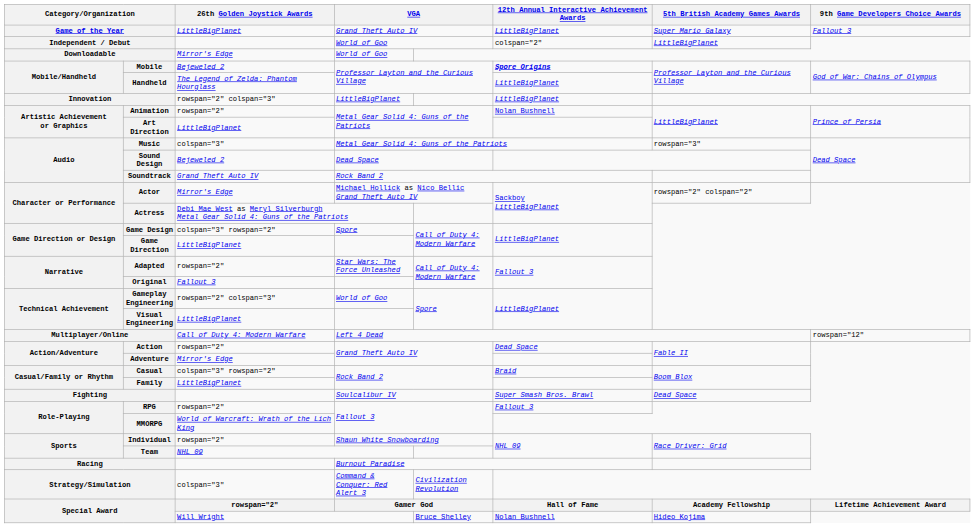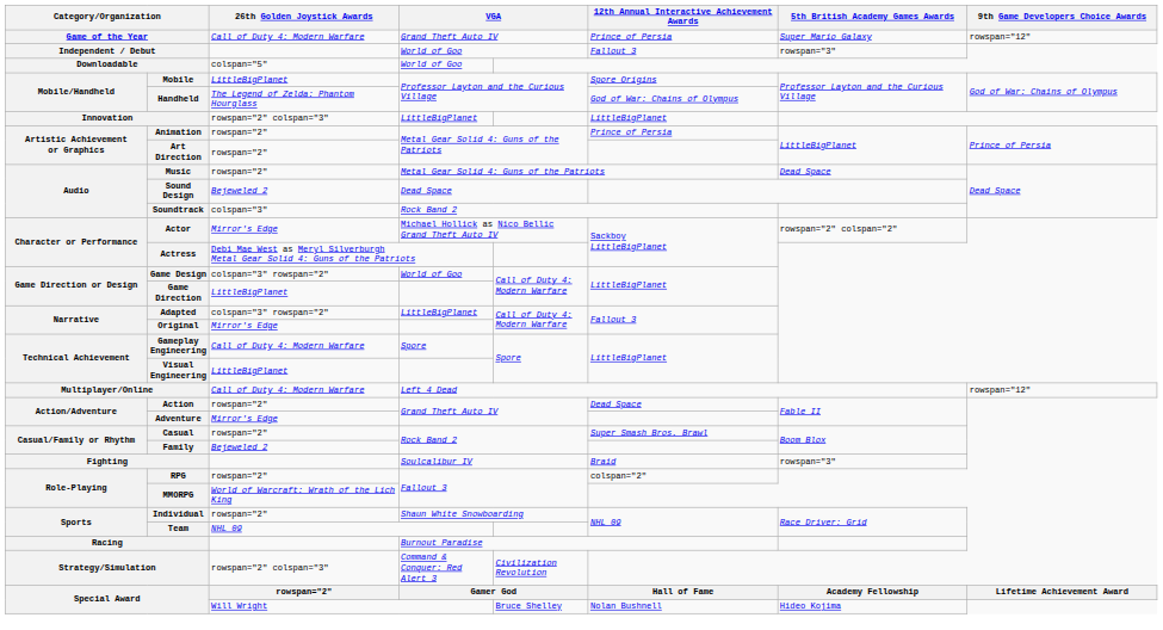 <table class="wikitable" style="border:none; margin:0; width:100%; font-size: 90%;">
 <tr>
 <th style="width:17%;" colspan="2">Category/Organization</th>
 <th style="width:16%;">26th <a href='#'>Golden Joystick Awards</a><br></th>
 <th style="width:16%;" colspan="2"><a href='#'>VGA</a><br></th>
 <th style="width:16%;"><a href='#'>12th Annual Interactive Achievement Awards</a><br></th>
 <th style="width:16%;"><a href='#'>5th British Academy Games Awards</a><br></th>
 <th style="width:16%;">9th <a href='#'>Game Developers Choice Awards</a><br></th>
 </tr>
 <tr>
 <th scope="row" colspan="2"><a href='#'>Game of the Year</a></th>
-<td><em><a href='#'>LittleBigPlanet</a></em></td>
+<td><em><a href='#'>Call of Duty 4: Modern Warfare</a></em></td>
 <td colspan="2"><em><a href='#'>Grand Theft Auto IV</a></em></td>
-<td><em><a href='#'>LittleBigPlanet</a></em></td>
+<td><em><a href='#'>Prince of Persia</a></em></td>
 <td><em><a href='#'>Super Mario Galaxy</a></em></td>
-<td><em><a href='#'>Fallout 3</a></em></td>
+<td>rowspan="12" </td>
 </tr>
 <tr>
 <th scope="row" colspan="2" style="width:9%;">Independent / Debut</th>
 <td></td>
 <td colspan="2"><em><a href='#'>World of Goo</a></em></td>
-<td>colspan="2" </td>
-<td><em><a href='#'>LittleBigPlanet</a></em></td>
+<td><em><a href='#'>Fallout 3</a></em></td>
+<td>rowspan="3" </td>
 </tr>
 <tr>
 <th scope="row" colspan="2" style="width:9%;">Downloadable</th>
-<td><em><a href='#'>Mirror's Edge</a></em></td>
+<td>colspan="5" </td>
 <td><em><a href='#'>World of Goo</a></em></td>
 </tr>
 <tr>
 <th scope="row" rowspan="2" style="width:12%;">Mobile/Handheld</th>
 <th>Mobile</th>
-<td><em><a href='#'>Bejeweled 2</a></em></td>
+<td><em><a href='#'>LittleBigPlanet</a></em></td>
 <td colspan="2" rowspan="2"><em><a href='#'>Professor Layton and the Curious Village</a></em></td>
-<td><strong><em><a href='#'>Spore Origins</a></em></strong></td>
+<td><em><a href='#'>Spore Origins</a></em></td>
 <td rowspan="2"><em><a href='#'>Professor Layton and the Curious Village</a></em></td>
 <td rowspan="2"><em><a href='#'>God of War: Chains of Olympus</a></em></td>
 </tr>
 <tr>
 <th scope="row">Handheld</th>
 <td><em><a href='#'>The Legend of Zelda: Phantom Hourglass</a></em></td>
-<td><em><a href='#'>LittleBigPlanet</a></em></td>
+<td><em><a href='#'>God of War: Chains of Olympus</a></em></td>
 </tr>
 <tr>
 <th scope="row" style="width:12%;" colspan="2">Innovation</th>
 <td>rowspan="2" colspan="3" </td>
 <td><em><a href='#'>LittleBigPlanet</a></em></td>
 <td></td>
 <td><em><a href='#'>LittleBigPlanet</a></em></td>
 </tr>
 <tr>
 <th scope="row" rowspan="2" style="width:9%;">Artistic Achievement<br>or Graphics</th>
 <th>Animation</th>
 <td>rowspan="2" </td>
 <td rowspan="2" colspan="2"><em><a href='#'>Metal Gear Solid 4: Guns of the Patriots</a></em></td>
-<td><a href='#'>Nolan Bushnell</a></td>
+<td><em><a href='#'>Prince of Persia</a></em></td>
 <td rowspan="2"><em><a href='#'>LittleBigPlanet</a></em></td>
 <td rowspan="2"><em><a href='#'>Prince of Persia</a></em></td>
 </tr>
 <tr>
 <th scope="row">Art Direction</th>
-<td><em><a href='#'>LittleBigPlanet</a></em></td>
+<td>rowspan="2" </td>
 </tr>
 <tr>
 <th scope="row" rowspan="3" style="width:12%;">Audio</th>
 <th>Music</th>
-<td>colspan="3" </td>
+<td>rowspan="2" </td>
 <td colspan="3"><em><a href='#'>Metal Gear Solid 4: Guns of the Patriots</a></em></td>
-<td>rowspan="3" </td>
+<td><em><a href='#'>Dead Space</a></em></td>
 <td rowspan="3"><em><a href='#'>Dead Space</a></em></td>
 </tr>
 <tr>
 <th scope="row">Sound Design</th>
 <td><em><a href='#'>Bejeweled 2</a></em></td>
 <td colspan="2"><em><a href='#'>Dead Space</a></em></td>
 </tr>
 <tr>
 <th scope="row">Soundtrack</th>
-<td><em><a href='#'>Grand Theft Auto IV</a></em></td>
+<td>colspan="3" </td>
 <td colspan="3"><em><a href='#'>Rock Band 2</a></em></td>
 <td></td>
 </tr>
 <tr>
 <th scope="row" rowspan="2">Character or Performance</th>
 <th>Actor</th>
 <td><em><a href='#'>Mirror's Edge</a></em></td>
 <td colspan="2"><a href='#'>Michael Hollick</a> as <a href='#'>Nico Bellic</a><br> <em><a href='#'>Grand Theft Auto IV</a></em></td>
 <td rowspan="2"><a href='#'>Sackboy</a><br><em><a href='#'>LittleBigPlanet</a></em></td>
 <td>rowspan="2" colspan="2" </td>
 </tr>
 <tr>
 <th>Actress</th>
 <td colspan="2"><a href='#'>Debi Mae West</a> as <a href='#'>Meryl Silverburgh</a><br><em><a href='#'>Metal Gear Solid 4: Guns of the Patriots</a></em></td>
 </tr>
 <tr>
 <th scope="row" rowspan="2">Game Direction or Design</th>
 <th>Game Design</th>
 <td>colspan="3" rowspan="2" </td>
-<td><em><a href='#'>Spore</a></em></td>
+<td><em><a href='#'>World of Goo</a></em></td>
 <td rowspan="2"><em><a href='#'>Call of Duty 4: Modern Warfare</a></em></td>
 <td rowspan="2"><em><a href='#'>LittleBigPlanet</a></em></td>
 </tr>
 <tr>
 <th scope="row">Game Direction</th>
 <td><em><a href='#'>LittleBigPlanet</a></em></td>
 </tr>
 <tr>
 <th scope="row" rowspan="2">Narrative</th>
 <th>Adapted</th>
-<td>rowspan="2" </td>
-<td><em><a href='#'>Star Wars: The Force Unleashed</a></em></td>
+<td>colspan="3" rowspan="2" </td>
+<td><em><a href='#'>LittleBigPlanet</a></em></td>
 <td rowspan="2"><em><a href='#'>Call of Duty 4: Modern Warfare</a></em></td>
 <td rowspan="2"><em><a href='#'>Fallout 3</a></em></td>
 </tr>
 <tr>
 <th scope="row">Original</th>
-<td><em><a href='#'>Fallout 3</a></em></td>
+<td><em><a href='#'>Mirror's Edge</a></em></td>
 </tr>
 <tr>
 <th scope="row" rowspan="2">Technical Achievement</th>
 <th>Gameplay Engineering</th>
-<td>rowspan="2" colspan="3" </td>
-<td><em><a href='#'>World of Goo</a></em></td>
+<td><em><a href='#'>Call of Duty 4: Modern Warfare</a></em></td>
+<td><em><a href='#'>Spore</a></em></td>
 <td rowspan="2"><em><a href='#'>Spore</a></em></td>
 <td rowspan="2"><em><a href='#'>LittleBigPlanet</a></em></td>
 </tr>
 <tr>
 <th scope="row">Visual Engineering</th>
 <td><em><a href='#'>LittleBigPlanet</a></em></td>
 </tr>
 <tr>
 <th scope="row" colspan="2">Multiplayer/Online</th>
 <td><em><a href='#'>Call of Duty 4: Modern Warfare</a></em></td>
 <td colspan="4"><em><a href='#'>Left 4 Dead</a></em></td>
 <td>rowspan="12" </td>
 </tr>
 <tr>
 <th scope="row" rowspan="2">Action/Adventure</th>
 <th>Action</th>
 <td>rowspan="2" </td>
 <td colspan="2" rowspan="2"><em><a href='#'>Grand Theft Auto IV</a></em></td>
 <td><em><a href='#'>Dead Space</a></em></td>
 <td rowspan="2"><em><a href='#'>Fable II</a></em></td>
 </tr>
 <tr>
 <th scope="row">Adventure</th>
 <td><em><a href='#'>Mirror's Edge</a></em></td>
 </tr>
 <tr>
 <th scope="row" rowspan="2">Casual/Family or Rhythm</th>
 <th>Casual</th>
-<td>colspan="3" rowspan="2" </td>
+<td>rowspan="2" </td>
 <td rowspan="2" colspan="2"><em><a href='#'>Rock Band 2</a></em></td>
-<td><em><a href='#'>Braid</a></em></td>
+<td><em><a href='#'>Super Smash Bros. Brawl</a></em></td>
 <td rowspan="2"><em><a href='#'>Boom Blox</a></em></td>
 </tr>
 <tr>
 <th>Family</th>
-<td><em><a href='#'>LittleBigPlanet</a></em></td>
+<td><em><a href='#'>Bejeweled 2</a></em></td>
 </tr>
 <tr>
 <th scope="row" colspan="2">Fighting</th>
 <td></td>
 <td colspan="2"><em><a href='#'>Soulcalibur IV</a></em></td>
-<td><em><a href='#'>Super Smash Bros. Brawl</a></em></td>
-<td><em><a href='#'>Dead Space</a></em></td>
+<td><em><a href='#'>Braid</a></em></td>
+<td>rowspan="3" </td>
 </tr>
 <tr>
 <th scope="row" rowspan="2">Role-Playing</th>
 <th>RPG</th>
 <td>rowspan="2" </td>
 <td rowspan="2" colspan="2"><em><a href='#'>Fallout 3</a></em></td>
-<td><em><a href='#'>Fallout 3</a></em></td>
+<td>colspan="2" </td>
 </tr>
 <tr>
 <th scope="row">MMORPG</th>
 <td><em><a href='#'>World of Warcraft: Wrath of the Lich King</a></em></td>
 </tr>
 <tr>
 <th scope="row" rowspan="2">Sports</th>
 <th>Individual</th>
 <td>rowspan="2" </td>
 <td colspan="2"><em><a href='#'>Shaun White Snowboarding</a></em></td>
 <td rowspan="2"><em><a href='#'>NHL 09</a></em></td>
 <td rowspan="2"><em><a href='#'>Race Driver: Grid</a></em></td>
 </tr>
 <tr>
 <th scope="row">Team</th>
 <td colspan="2"><em><a href='#'>NHL 09</a></em></td>
 </tr>
 <tr>
 <th scope="row" colspan="2">Racing</th>
 <td></td>
 <td colspan="3"><em><a href='#'>Burnout Paradise</a></em></td>
 <td></td>
 </tr>
 <tr>
 <th scope="row" colspan="2">Strategy/Simulation</th>
-<td>colspan="3" </td>
+<td>rowspan="2" colspan="3" </td>
 <td><em><a href='#'>Command & Conquer: Red Alert 3</a></em></td>
 <td><em><a href='#'>Civilization Revolution</a></em></td>
 </tr>
 <tr>
 <th scope="row" rowspan="2" colspan="2">Special Award</th>
 <th>rowspan="2" </th>
 <th colspan="2">Gamer God</th>
 <th>Hall of Fame</th>
 <th>Academy Fellowship</th>
 <th>Lifetime Achievement Award</th>
 </tr>
 <tr>
 <td colspan="2"><a href='#'>Will Wright</a></td>
 <td><a href='#'>Bruce Shelley</a></td>
 <td><a href='#'>Nolan Bushnell</a></td>
 <td><a href='#'>Hideo Kojima</a></td>
 </tr>
 </table>
